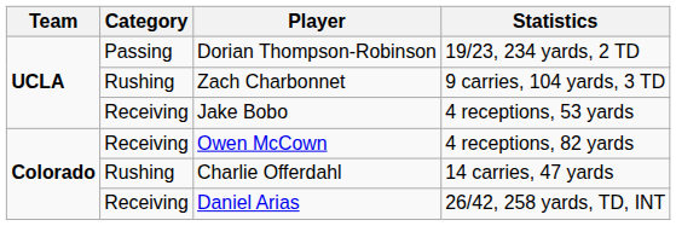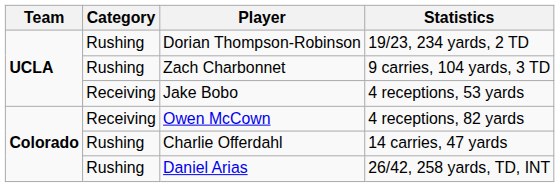 <table class="wikitable" style="float: right;">
 <tr>
 <th>Team</th>
 <th>Category</th>
 <th>Player</th>
 <th>Statistics</th>
 </tr>
 <tr>
 <td rowspan=3><strong>UCLA</strong></td>
-<td>Passing</td>
+<td>Rushing</td>
 <td>Dorian Thompson-Robinson</td>
 <td>19/23, 234 yards, 2 TD</td>
 </tr>
 <tr>
 <td>Rushing</td>
 <td>Zach Charbonnet</td>
 <td>9 carries, 104 yards, 3 TD</td>
 </tr>
 <tr>
 <td>Receiving</td>
 <td>Jake Bobo</td>
 <td>4 receptions, 53 yards</td>
 </tr>
 <tr>
 <td rowspan=3><strong>Colorado</strong></td>
 <td>Receiving</td>
 <td><a href='#'>Owen McCown</a></td>
 <td>4 receptions, 82 yards</td>
 </tr>
 <tr>
 <td>Rushing</td>
 <td>Charlie Offerdahl</td>
 <td>14 carries, 47 yards</td>
 </tr>
 <tr>
-<td>Receiving</td>
+<td>Rushing</td>
 <td><a href='#'>Daniel Arias</a></td>
 <td>26/42, 258 yards, TD, INT</td>
 </tr>
 </table>
